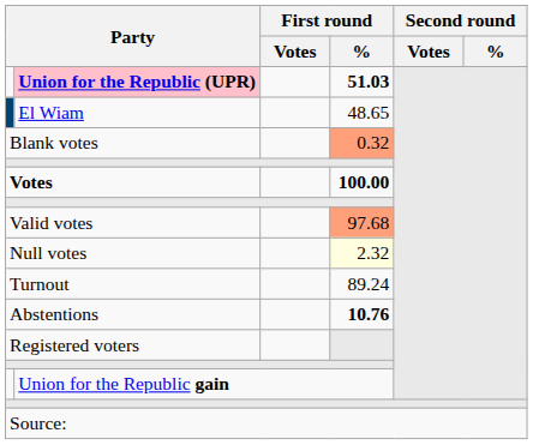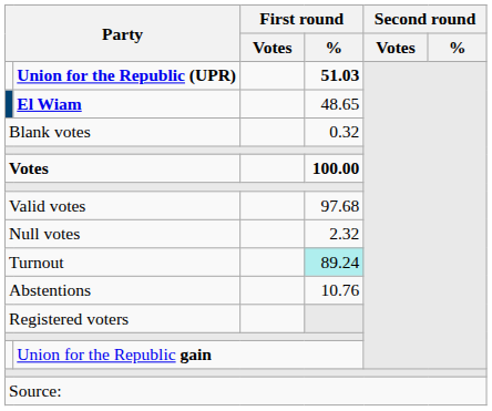 <table class="wikitable" style="text-align:right;font-size:95%;">
 <tr>
 <th rowspan="2" colspan="2">Party</th>
 <th colspan="2">First round</th>
 <th colspan="2">Second round</th>
 </tr>
 <tr>
 <th style="width:50px;">Votes</th>
 <th style="width:45px;">%</th>
 <th style="width:50px;">Votes</th>
 <th style="width:45px;">%</th>
 </tr>
 <tr>
 <td style="background:"></td>
-<td style="background: pink; text-align:left;"><strong><a href='#'>Union for the Republic</a> (UPR)</strong></td>
+<td style="text-align:left;"><strong><a href='#'>Union for the Republic</a> (UPR)</strong></td>
 <td><strong></strong></td>
 <td><strong>51.03</strong></td>
 <td colspan="2" rowspan="13" style="background:#E9E9E9;"></td>
 </tr>
 <tr>
 <td style="background:#004373;"></td>
-<td style="text-align:left;"><a href='#'>El Wiam</a></td>
+<td style="text-align:left;"><strong><a href='#'>El Wiam</a></strong></td>
 <td></td>
 <td>48.65</td>
 </tr>
 <tr>
 <td colspan="2" style="text-align:left;">Blank votes</td>
 <td></td>
-<td style="background: lightsalmon;">0.32</td>
+<td>0.32</td>
 </tr>
 <tr>
 <td colspan="4" style="background:#E9E9E9;"></td>
 </tr>
 <tr style="font-weight:bold;">
 <td colspan="2" style="text-align:left;">Votes</td>
 <td></td>
 <td>100.00</td>
 </tr>
 <tr>
 <td colspan="4" style="background:#E9E9E9;"></td>
 </tr>
 <tr>
 <td colspan="2" style="text-align:left;">Valid votes</td>
 <td></td>
-<td style="background: lightsalmon;">97.68</td>
+<td>97.68</td>
 </tr>
 <tr>
 <td colspan="2" style="text-align:left;">Null votes</td>
 <td></td>
-<td style="background: lightyellow;">2.32</td>
+<td>2.32</td>
 </tr>
 <tr>
 <td colspan="2" style="text-align:left;">Turnout</td>
 <td></td>
-<td>89.24</td>
+<td style="background: paleturquoise;">89.24</td>
 </tr>
 <tr>
 <td colspan="2" style="text-align:left;">Abstentions</td>
 <td></td>
-<td><strong>10.76</strong></td>
+<td>10.76</td>
 </tr>
 <tr>
 <td colspan="2" style="text-align:left;">Registered voters</td>
 <td></td>
 <td style="background:#E9E9E9;"></td>
 </tr>
 <tr>
 <td colspan="6" style="background:#E9E9E9;"></td>
 </tr>
 <tr>
 <td style="background:"></td>
 <td colspan="5" style="text-align:left;"><a href='#'>Union for the Republic</a> <strong>gain</strong></td>
 </tr>
 <tr>
 <td colspan="6" style="background:#E9E9E9;"></td>
 </tr>
 <tr>
 <td colspan="6" style="text-align:left;">Source: </td>
 </tr>
 </table>
